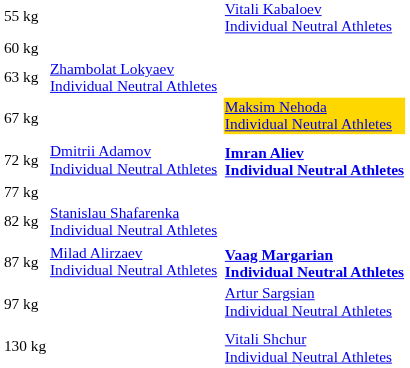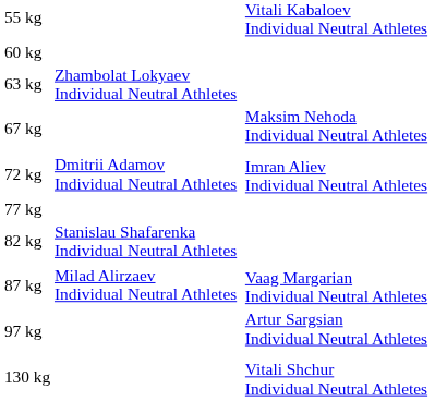 <table>
 <tr>
 <td rowspan=2>55 kg<br></td>
 <td rowspan=2></td>
 <td rowspan=2></td>
 <td></td>
 </tr>
 <tr>
 <td><a href='#'>Vitali Kabaloev</a><br><a href='#'>Individual Neutral Athletes</a></td>
 </tr>
 <tr>
 <td rowspan=2>60 kg<br></td>
 <td rowspan=2></td>
 <td rowspan=2></td>
 <td></td>
 </tr>
 <tr>
 <td></td>
 </tr>
 <tr>
 <td rowspan=2>63 kg<br></td>
 <td rowspan=2><a href='#'>Zhambolat Lokyaev</a><br><a href='#'>Individual Neutral Athletes</a></td>
 <td rowspan=2></td>
 <td></td>
 </tr>
 <tr>
 <td></td>
 </tr>
 <tr>
 <td rowspan=2>67 kg<br></td>
 <td rowspan=2></td>
 <td rowspan=2></td>
-<td style="background: gold;"><a href='#'>Maksim Nehoda</a><br><a href='#'>Individual Neutral Athletes</a></td>
+<td><a href='#'>Maksim Nehoda</a><br><a href='#'>Individual Neutral Athletes</a></td>
 </tr>
 <tr>
 <td></td>
 </tr>
 <tr>
 <td rowspan=2>72 kg<br></td>
 <td rowspan=2><a href='#'>Dmitrii Adamov</a><br><a href='#'>Individual Neutral Athletes</a></td>
 <td rowspan=2></td>
 <td></td>
 </tr>
 <tr>
-<td><strong><a href='#'>Imran Aliev</a><br><a href='#'>Individual Neutral Athletes</a></strong></td>
+<td><a href='#'>Imran Aliev</a><br><a href='#'>Individual Neutral Athletes</a></td>
 </tr>
 <tr>
 <td rowspan=2>77 kg<br></td>
 <td rowspan=2></td>
 <td rowspan=2></td>
 <td></td>
 </tr>
 <tr>
 <td></td>
 </tr>
 <tr>
 <td rowspan=2>82 kg<br></td>
 <td rowspan=2><a href='#'>Stanislau Shafarenka</a><br><a href='#'>Individual Neutral Athletes</a></td>
 <td rowspan=2></td>
 <td></td>
 </tr>
 <tr>
 <td></td>
 </tr>
 <tr>
 <td rowspan=2>87 kg<br></td>
 <td rowspan=2><a href='#'>Milad Alirzaev</a><br><a href='#'>Individual Neutral Athletes</a></td>
 <td rowspan=2></td>
 <td></td>
 </tr>
 <tr>
-<td><strong><a href='#'>Vaag Margarian</a><br><a href='#'>Individual Neutral Athletes</a></strong></td>
+<td><a href='#'>Vaag Margarian</a><br><a href='#'>Individual Neutral Athletes</a></td>
 </tr>
 <tr>
 <td rowspan=2>97 kg<br></td>
 <td rowspan=2></td>
 <td rowspan=2></td>
 <td><a href='#'>Artur Sargsian</a><br><a href='#'>Individual Neutral Athletes</a></td>
 </tr>
 <tr>
 <td></td>
 </tr>
 <tr>
 <td rowspan=2>130 kg<br></td>
 <td rowspan=2></td>
 <td rowspan=2></td>
 <td></td>
 </tr>
 <tr>
 <td><a href='#'>Vitali Shchur</a><br><a href='#'>Individual Neutral Athletes</a></td>
 </tr>
 </table>
